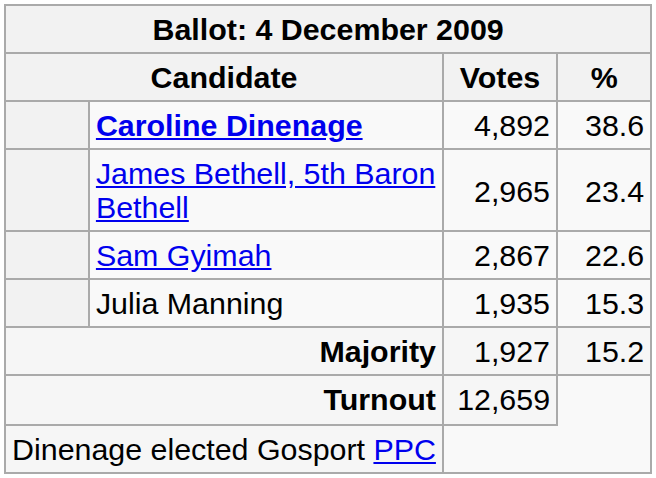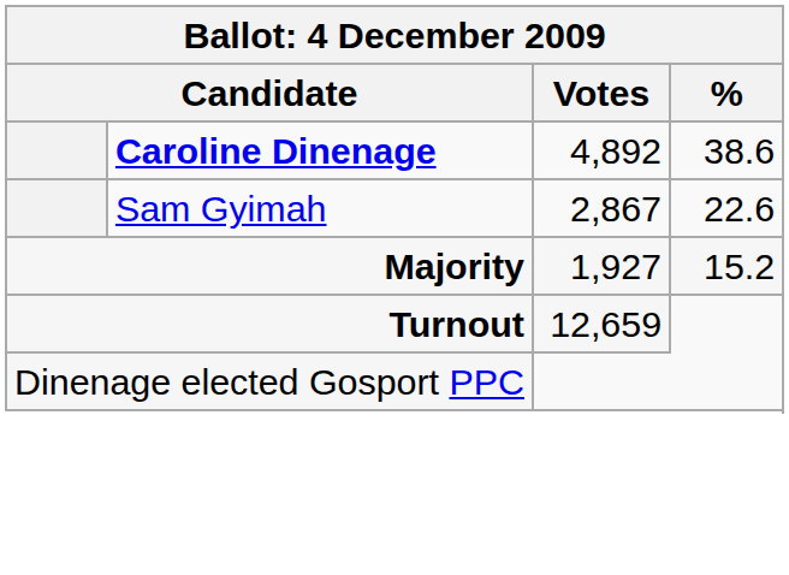 <table class="wikitable" style="font-size: 95%;">
 <tr>
 <th colspan="4">Ballot: 4 December 2009</th>
 </tr>
 <tr>
 <th colspan="2" style="width: 170px">Candidate</th>
 <th style="width: 50px">Votes</th>
 <th style="width: 40px">%</th>
 </tr>
 <tr>
 </tr>
 <tr>
 <th style="background-color: "></th>
 <td style="width: 170px"><strong><a href='#'>Caroline Dinenage</a></strong></td>
 <td align="right">4,892</td>
 <td align="right">38.6</td>
 </tr>
 <tr>
 <th style="background-color: "></th>
-<td style="width: 170px"><a href='#'>James Bethell, 5th Baron Bethell</a></td>
-<td align="right">2,965</td>
-<td align="right">23.4</td>
-</tr>
-<tr>
-<th style="background-color: "></th>
 <td style="width: 170px"><a href='#'>Sam Gyimah</a></td>
 <td align="right">2,867</td>
 <td align="right">22.6</td>
-</tr>
-<tr>
-<th style="background-color: "></th>
-<td style="width: 170px">Julia Manning</td>
-<td align="right">1,935</td>
-<td align="right">15.3</td>
 </tr>
 <tr>
 </tr>
 <tr style="background-color:#F6F6F6">
 <td colspan="2" align="right"><strong>Majority</strong></td>
 <td align="right">1,927</td>
 <td align="right">15.2</td>
 </tr>
 <tr>
 </tr>
 <tr style="background-color:#F6F6F6">
 <td colspan="2" align="right"><strong>Turnout</strong></td>
 <td align="right">12,659</td>
 </tr>
 <tr>
 </tr>
 <tr style="background-color:#F6F6F6">
 <td colspan="2">Dinenage elected Gosport <a href='#'>PPC</a></td>
 </tr>
 <tr>
 </tr>
 </table>
